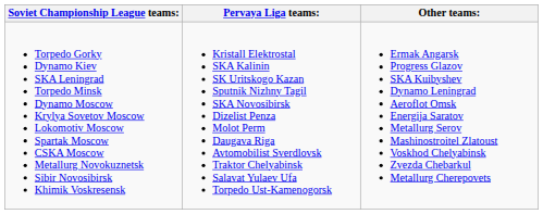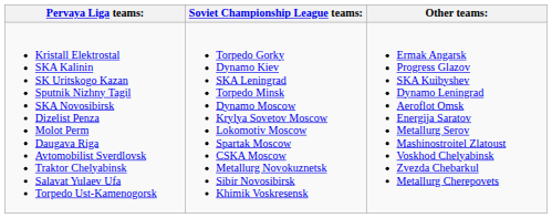 <table class="wikitable">
 <tr valign="top" bgcolor="#e0e0e0">
+<th align="center" width="33%"><a href='#'>Pervaya Liga</a> teams:</th>
 <th align="center" width="33%"><a href='#'>Soviet Championship League</a> teams:</th>
-<th align="center" width="33%"><a href='#'>Pervaya Liga</a> teams:</th>
 <th align="center" width="33%">Other teams:</th>
 </tr>
 <tr valign="top">
+<td><br><ul><li><a href='#'>Kristall Elektrostal</a></li><li><a href='#'>SKA Kalinin</a></li><li><a href='#'>SK Uritskogo Kazan</a></li><li><a href='#'>Sputnik Nizhny Tagil</a></li><li><a href='#'>SKA Novosibirsk</a></li><li><a href='#'>Dizelist Penza</a></li><li><a href='#'>Molot Perm</a></li><li><a href='#'>Daugava Riga</a></li><li><a href='#'>Avtomobilist Sverdlovsk</a></li><li><a href='#'>Traktor Chelyabinsk</a></li><li><a href='#'>Salavat Yulaev Ufa</a></li><li><a href='#'>Torpedo Ust-Kamenogorsk</a></li></ul></td>
 <td><br><ul><li><a href='#'>Torpedo Gorky</a></li><li><a href='#'>Dynamo Kiev</a></li><li><a href='#'>SKA Leningrad</a></li><li><a href='#'>Torpedo Minsk</a></li><li><a href='#'>Dynamo Moscow</a></li><li><a href='#'>Krylya Sovetov Moscow</a></li><li><a href='#'>Lokomotiv Moscow</a></li><li><a href='#'>Spartak Moscow</a></li><li><a href='#'>CSKA Moscow</a></li><li><a href='#'>Metallurg Novokuznetsk</a></li><li><a href='#'>Sibir Novosibirsk</a></li><li><a href='#'>Khimik Voskresensk</a></li></ul></td>
-<td><br><ul><li><a href='#'>Kristall Elektrostal</a></li><li><a href='#'>SKA Kalinin</a></li><li><a href='#'>SK Uritskogo Kazan</a></li><li><a href='#'>Sputnik Nizhny Tagil</a></li><li><a href='#'>SKA Novosibirsk</a></li><li><a href='#'>Dizelist Penza</a></li><li><a href='#'>Molot Perm</a></li><li><a href='#'>Daugava Riga</a></li><li><a href='#'>Avtomobilist Sverdlovsk</a></li><li><a href='#'>Traktor Chelyabinsk</a></li><li><a href='#'>Salavat Yulaev Ufa</a></li><li><a href='#'>Torpedo Ust-Kamenogorsk</a></li></ul></td>
 <td><br><ul><li><a href='#'>Ermak Angarsk</a></li><li><a href='#'>Progress Glazov</a></li><li><a href='#'>SKA Kuibyshev</a></li><li><a href='#'>Dynamo Leningrad</a></li><li><a href='#'>Aeroflot Omsk</a></li><li><a href='#'>Energija Saratov</a></li><li><a href='#'>Metallurg Serov</a></li><li><a href='#'>Mashinostroitel Zlatoust</a></li><li><a href='#'>Voskhod Chelyabinsk</a></li><li><a href='#'>Zvezda Chebarkul</a></li><li><a href='#'>Metallurg Cherepovets</a></li></ul></td>
 </tr>
 </table>
